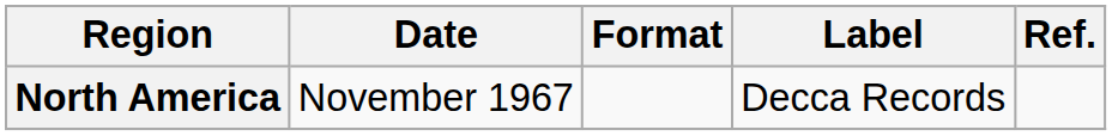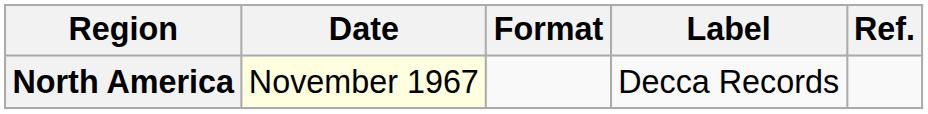 <table class="wikitable plainrowheaders">
 <tr>
 <th scope="col">Region</th>
 <th scope="col">Date</th>
 <th scope="col">Format</th>
 <th scope="col">Label</th>
 <th scope="col">Ref.</th>
 </tr>
 <tr>
 <th scope="row">North America</th>
-<td>November 1967</td>
+<td style="background: lightyellow;">November 1967</td>
 <td></td>
 <td>Decca Records</td>
 <td></td>
 </tr>
 <tr>
 </tr>
 </table>
